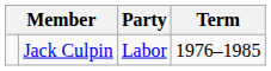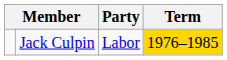 <table class="wikitable">
 <tr>
 <th colspan="2">Member</th>
 <th>Party</th>
 <th>Term</th>
 </tr>
 <tr>
 <td> </td>
 <td><a href='#'>Jack Culpin</a></td>
 <td><a href='#'>Labor</a></td>
-<td>1976–1985</td>
+<td style="background: gold;">1976–1985</td>
 </tr>
 </table>
